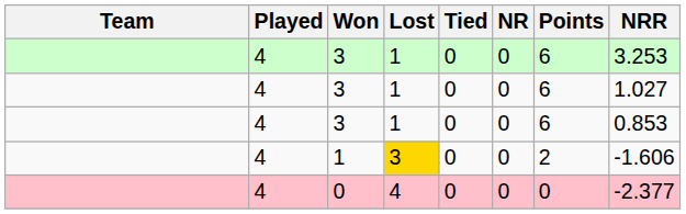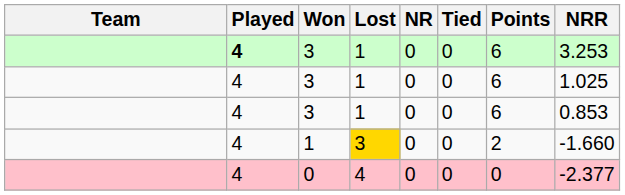 <table class="wikitable">
 <tr>
 <th width=175>Team</th>
 <th>Played</th>
 <th>Won</th>
 <th>Lost</th>
+<th>NR</th>
 <th>Tied</th>
-<th>NR</th>
 <th>Points</th>
 <th>NRR</th>
 </tr>
 <tr style="background:#ccffcc">
 <td></td>
-<td>4</td>
+<td><strong>4</strong></td>
 <td>3</td>
 <td>1</td>
 <td>0</td>
 <td>0</td>
 <td>6</td>
 <td>3.253</td>
 </tr>
 <tr>
 <td></td>
 <td>4</td>
 <td>3</td>
 <td>1</td>
 <td>0</td>
 <td>0</td>
 <td>6</td>
-<td>1.027</td>
+<td>1.025</td>
 </tr>
 <tr>
 <td></td>
 <td>4</td>
 <td>3</td>
 <td>1</td>
 <td>0</td>
 <td>0</td>
 <td>6</td>
 <td>0.853</td>
 </tr>
 <tr>
 <td></td>
 <td>4</td>
 <td>1</td>
 <td style="background: gold;">3</td>
 <td>0</td>
 <td>0</td>
 <td>2</td>
-<td>-1.606</td>
+<td>-1.660</td>
 </tr>
 <tr style="background:pink">
 <td></td>
 <td>4</td>
 <td>0</td>
 <td>4</td>
 <td>0</td>
 <td>0</td>
 <td>0</td>
 <td>-2.377</td>
 </tr>
 </table>
